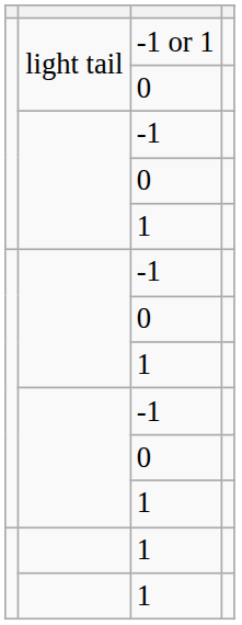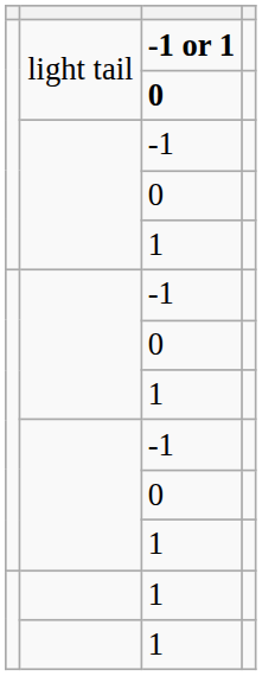 <table class="wikitable">
 <tr>
 <th></th>
 <th></th>
 <th></th>
 <th></th>
 </tr>
 <tr>
 <td rowspan="5"></td>
 <td rowspan="2">light tail</td>
-<td>-1 or 1</td>
+<td><strong>-1 or 1</strong></td>
 <td></td>
 </tr>
 <tr>
-<td>0</td>
+<td><strong>0</strong></td>
 <td></td>
 </tr>
 <tr>
 <td rowspan="3"></td>
 <td>-1</td>
 <td></td>
 </tr>
 <tr>
 <td>0</td>
 <td></td>
 </tr>
 <tr>
 <td>1</td>
 <td></td>
 </tr>
 <tr>
 <td rowspan="6"><br></td>
 <td rowspan="3"></td>
 <td>-1</td>
 <td></td>
 </tr>
 <tr>
 <td>0</td>
 <td></td>
 </tr>
 <tr>
 <td>1</td>
 <td></td>
 </tr>
 <tr>
 <td rowspan="3"></td>
 <td>-1</td>
 <td></td>
 </tr>
 <tr>
 <td>0</td>
 <td></td>
 </tr>
 <tr>
 <td>1</td>
 <td></td>
 </tr>
 <tr>
 <td rowspan="2"><br></td>
 <td></td>
 <td>1</td>
 <td></td>
 </tr>
 <tr>
 <td></td>
 <td>1</td>
 <td></td>
 </tr>
 </table>
